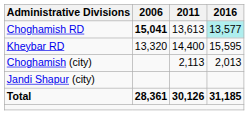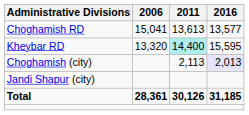 <table class="wikitable">
 <tr>
 <th>Administrative Divisions</th>
 <th>2006</th>
 <th>2011</th>
 <th>2016</th>
 </tr>
 <tr>
 <td><a href='#'>Choghamish RD</a></td>
-<td style="text-align: right;"><strong>15,041</strong></td>
+<td style="text-align: right;">15,041</td>
 <td style="text-align: right;">13,613</td>
-<td style="background: paleturquoise; text-align: right;">13,577</td>
+<td style="text-align: right;">13,577</td>
 </tr>
 <tr>
 <td><a href='#'>Kheybar RD</a></td>
 <td style="text-align: right;">13,320</td>
-<td style="text-align: right;">14,400</td>
+<td style="background: paleturquoise; text-align: right;">14,400</td>
 <td style="text-align: right;">15,595</td>
 </tr>
 <tr>
 <td><a href='#'>Choghamish</a> (city)</td>
 <td style="text-align: right;"></td>
 <td style="text-align: right;">2,113</td>
-<td style="text-align: right;">2,013</td>
+<td style="background: lavender; text-align: right;">2,013</td>
 </tr>
 <tr>
 <td><a href='#'>Jandi Shapur</a> (city)</td>
 <td style="text-align: right;"></td>
 <td style="text-align: right;"></td>
 <td style="text-align: right;"></td>
 </tr>
 <tr>
 <td><strong>Total</strong></td>
 <td style="text-align: right;"><strong>28,361</strong></td>
 <td style="text-align: right;"><strong>30,126</strong></td>
 <td style="text-align: right;"><strong>31,185</strong></td>
 </tr>
 <tr>
 <td colspan=4></td>
 </tr>
 </table>
